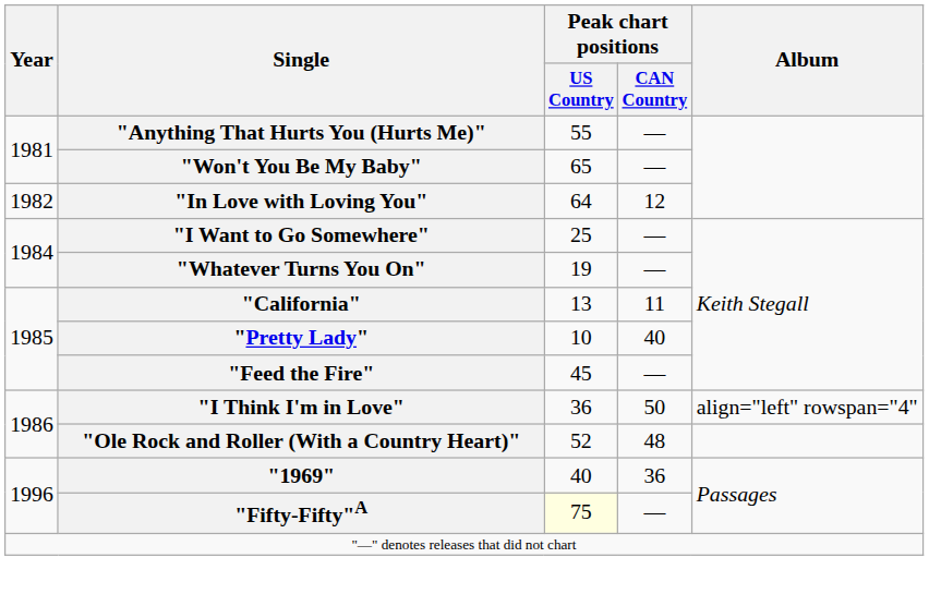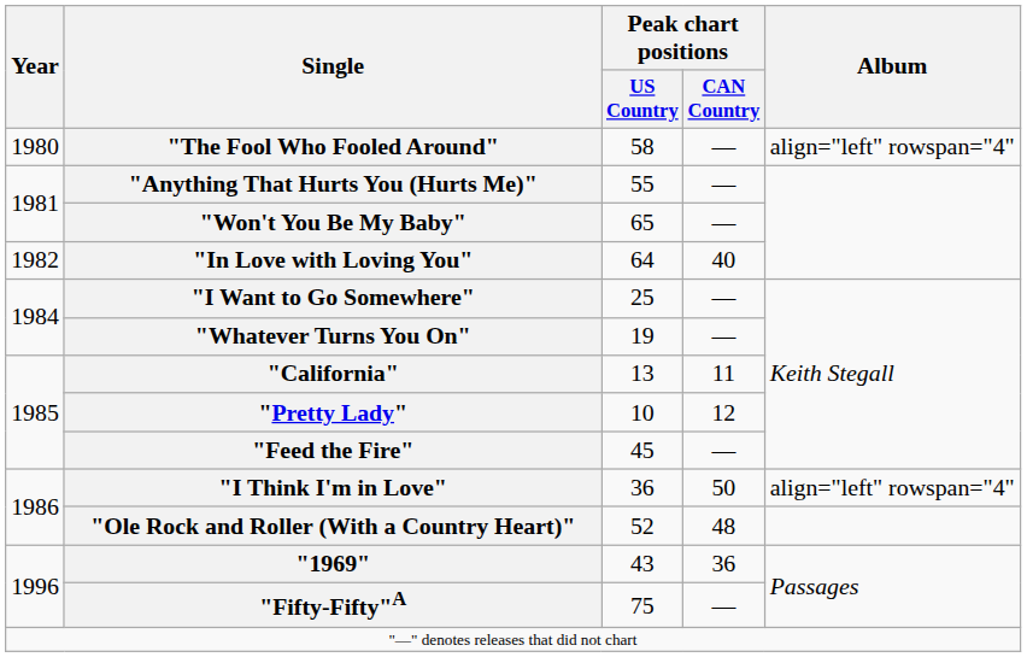 <table class="wikitable plainrowheaders" style="text-align:center;">
 <tr>
 <th rowspan="2">Year</th>
 <th rowspan="2" style="width:22em;">Single</th>
 <th colspan="2">Peak chart<br>positions</th>
 <th rowspan="2">Album</th>
 </tr>
 <tr style="font-size:smaller;">
 <th width="45"><a href='#'>US Country</a></th>
 <th width="45"><a href='#'>CAN Country</a></th>
+</tr>
+<tr>
+<td>1980</td>
+<th scope="row">"The Fool Who Fooled Around"</th>
+<td>58</td>
+<td>—</td>
+<td>align="left" rowspan="4" </td>
 </tr>
 <tr>
 <td rowspan="2">1981</td>
 <th scope="row">"Anything That Hurts You (Hurts Me)"</th>
 <td>55</td>
 <td>—</td>
 </tr>
 <tr>
 <th scope="row">"Won't You Be My Baby"</th>
 <td>65</td>
 <td>—</td>
 </tr>
 <tr>
 <td>1982</td>
 <th scope="row">"In Love with Loving You"</th>
 <td>64</td>
-<td>12</td>
+<td>40</td>
 </tr>
 <tr>
 <td rowspan="2">1984</td>
 <th scope="row">"I Want to Go Somewhere"</th>
 <td>25</td>
 <td>—</td>
 <td align="left" rowspan="5"><em>Keith Stegall</em></td>
 </tr>
 <tr>
 <th scope="row">"Whatever Turns You On"</th>
 <td>19</td>
 <td>—</td>
 </tr>
 <tr>
 <td rowspan="3">1985</td>
 <th scope="row">"California"</th>
 <td>13</td>
 <td>11</td>
 </tr>
 <tr>
 <th scope="row">"<a href='#'>Pretty Lady</a>"</th>
 <td>10</td>
-<td>40</td>
+<td>12</td>
 </tr>
 <tr>
 <th scope="row">"Feed the Fire"</th>
 <td>45</td>
 <td>—</td>
 </tr>
 <tr>
 <td rowspan="2">1986</td>
 <th scope="row">"I Think I'm in Love"</th>
 <td>36</td>
 <td>50</td>
 <td>align="left" rowspan="4" </td>
 </tr>
 <tr>
 <th scope="row">"Ole Rock and Roller (With a Country Heart)"</th>
 <td>52</td>
 <td>48</td>
 </tr>
 <tr>
 <td rowspan="2">1996</td>
 <th scope="row">"1969"</th>
-<td>40</td>
+<td>43</td>
 <td>36</td>
 <td align="left" rowspan="2"><em>Passages</em></td>
 </tr>
 <tr>
 <th scope="row">"Fifty-Fifty"<sup>A</sup></th>
-<td style="background: lightyellow;">75</td>
+<td>75</td>
 <td>—</td>
 </tr>
 <tr>
 <td colspan="5" style="font-size:8pt">"—" denotes releases that did not chart</td>
 </tr>
 </table>
